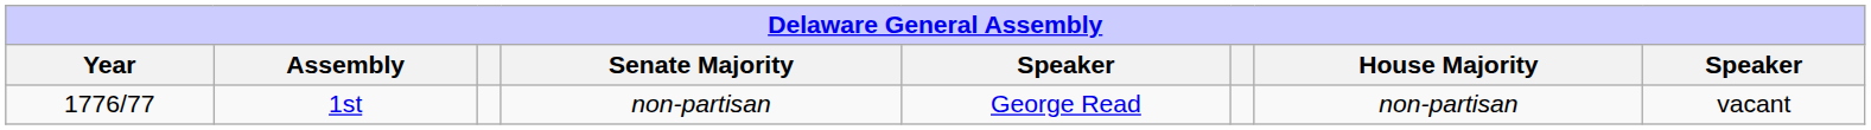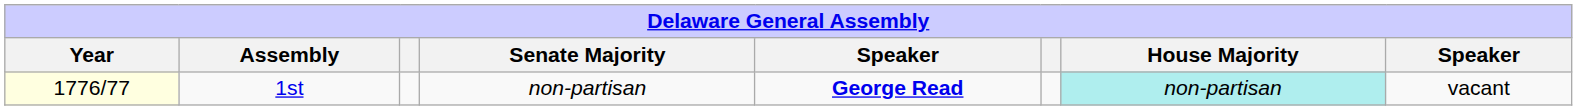 <table class="wikitable"  style="text-align:center; width:94%; margin:auto;">
 <tr style="background:#ccc;">
 <th colspan="12" style="background:#ccf;"><a href='#'>Delaware General Assembly</a> <br> </th>
 </tr>
 <tr>
 <th>Year</th>
 <th>Assembly</th>
 <th></th>
 <th>Senate Majority</th>
 <th>Speaker</th>
 <th></th>
 <th>House Majority</th>
 <th>Speaker</th>
 </tr>
 <tr>
-<td>1776/77</td>
+<td style="background: lightyellow;">1776/77</td>
 <td><a href='#'>1st</a></td>
 <td></td>
 <td><em>non-partisan</em></td>
-<td><a href='#'>George Read</a></td>
+<td><strong><a href='#'>George Read</a></strong></td>
 <td></td>
-<td><em>non-partisan</em></td>
+<td style="background: paleturquoise;"><em>non-partisan</em></td>
 <td>vacant</td>
 </tr>
 </table>
